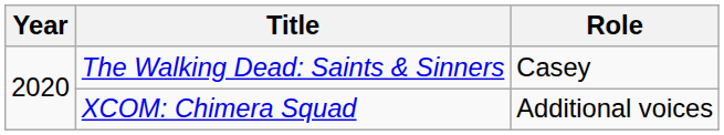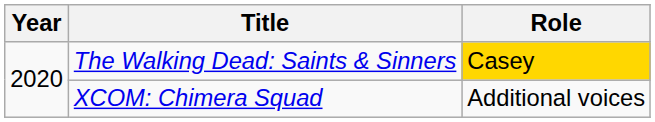 <table class="wikitable">
 <tr>
 <th>Year</th>
 <th>Title</th>
 <th>Role</th>
 </tr>
 <tr>
 <td rowspan=2>2020</td>
 <td><em><a href='#'>The Walking Dead: Saints & Sinners</a></em></td>
-<td>Casey</td>
+<td style="background: gold;">Casey</td>
 </tr>
 <tr>
 <td><em><a href='#'>XCOM: Chimera Squad</a></em></td>
 <td>Additional voices</td>
 </tr>
 </table>
